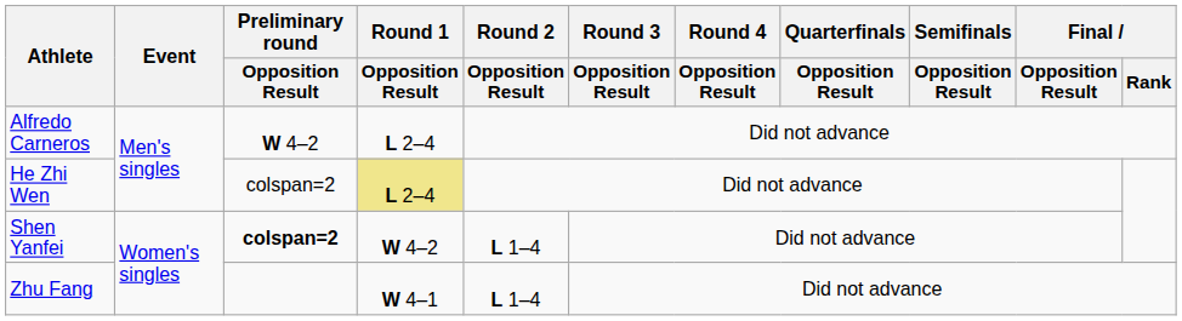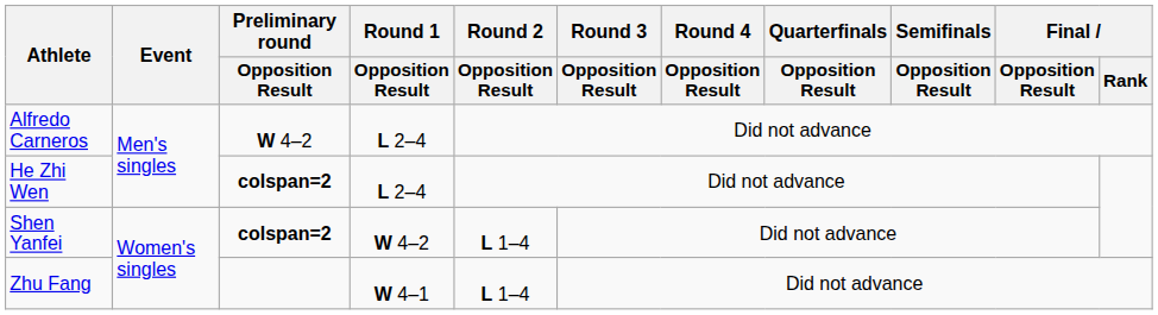 <table class="wikitable" style="font-size:90%">
 <tr>
 <th rowspan="2">Athlete</th>
 <th rowspan="2">Event</th>
 <th>Preliminary round</th>
 <th>Round 1</th>
 <th>Round 2</th>
 <th>Round 3</th>
 <th>Round 4</th>
 <th>Quarterfinals</th>
 <th>Semifinals</th>
 <th colspan=2>Final / </th>
 </tr>
 <tr style="font-size:95%">
 <th>Opposition<br>Result</th>
 <th>Opposition<br>Result</th>
 <th>Opposition<br>Result</th>
 <th>Opposition<br>Result</th>
 <th>Opposition<br>Result</th>
 <th>Opposition<br>Result</th>
 <th>Opposition<br>Result</th>
 <th>Opposition<br>Result</th>
 <th>Rank</th>
 </tr>
 <tr align=center>
 <td align=left><a href='#'>Alfredo Carneros</a></td>
 <td align=left rowspan=2><a href='#'>Men's singles</a></td>
 <td><br><strong>W</strong> 4–2</td>
 <td><br><strong>L</strong> 2–4</td>
 <td colspan=7>Did not advance</td>
 </tr>
 <tr align=center>
 <td align=left><a href='#'>He Zhi Wen</a></td>
-<td>colspan=2 </td>
-<td style="background: khaki;"><br><strong>L</strong> 2–4</td>
+<td><strong>colspan=2 </strong></td>
+<td><br><strong>L</strong> 2–4</td>
 <td colspan=6>Did not advance</td>
 </tr>
 <tr align=center>
 <td align=left><a href='#'>Shen Yanfei</a></td>
 <td align=left rowspan=2><a href='#'>Women's singles</a></td>
 <td><strong>colspan=2 </strong></td>
 <td><br><strong>W</strong> 4–2</td>
 <td><br><strong>L</strong> 1–4</td>
 <td colspan=5>Did not advance</td>
 </tr>
 <tr align=center>
 <td align=left><a href='#'>Zhu Fang</a></td>
 <td></td>
 <td><br><strong>W</strong> 4–1</td>
 <td><br><strong>L</strong> 1–4</td>
 <td colspan=6>Did not advance</td>
 </tr>
 </table>
